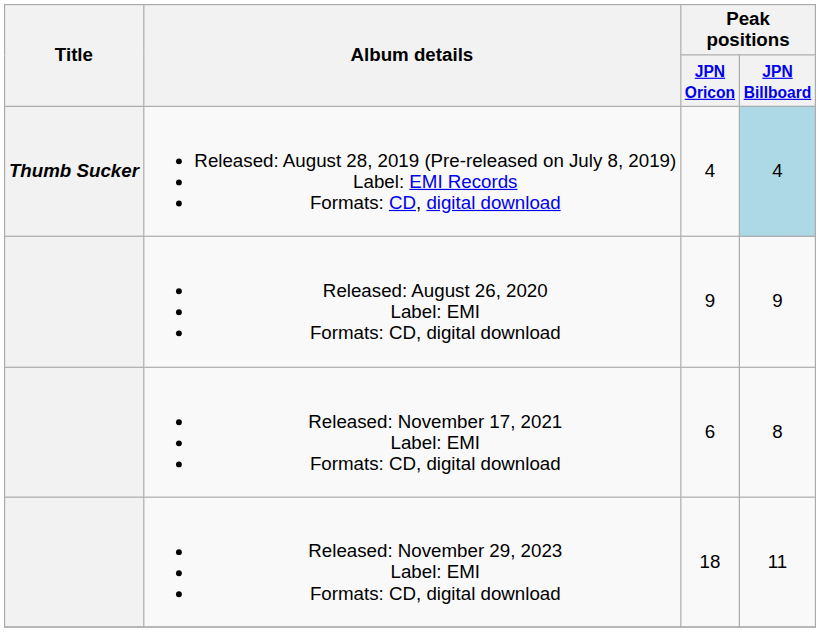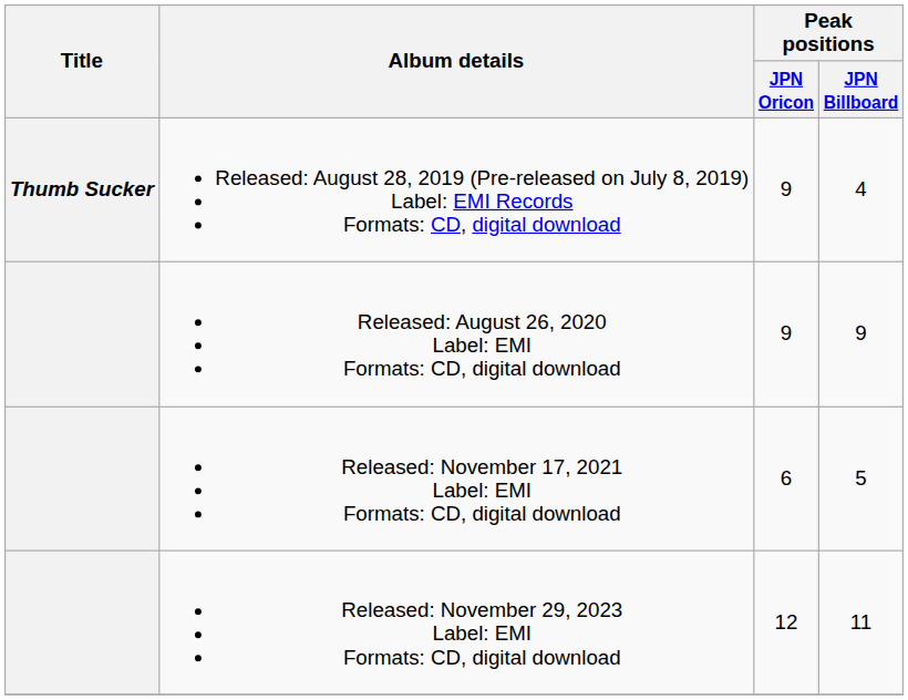 <table class="wikitable plainrowheaders" style="text-align:center;">
 <tr>
 <th scope="col" rowspan="2">Title</th>
 <th scope="col" rowspan="2">Album details</th>
 <th scope="col" colspan="2">Peak <br> positions</th>
 </tr>
 <tr>
 <th scope="col"><small><a href='#'>JPN<br>Oricon</a></small><br></th>
 <th scope="col"><small><a href='#'>JPN<br>Billboard</a></small><br></th>
 </tr>
 <tr>
 <th scope="row"><em>Thumb Sucker</em></th>
 <td><br><ul><li>Released: August 28, 2019 (Pre-released on July 8, 2019)</li><li>Label: <a href='#'>EMI Records</a></li><li>Formats: <a href='#'>CD</a>, <a href='#'>digital download</a></li></ul></td>
+<td>9</td>
 <td>4</td>
-<td style="background: lightblue;">4</td>
 </tr>
 <tr>
 <th scope="row"></th>
 <td><br><ul><li>Released: August 26, 2020</li><li>Label: EMI</li><li>Formats: CD, digital download</li></ul></td>
 <td>9</td>
 <td>9</td>
 </tr>
 <tr>
 <th scope="row"></th>
 <td><br><ul><li>Released: November 17, 2021</li><li>Label: EMI</li><li>Formats: CD, digital download</li></ul></td>
 <td>6</td>
-<td>8</td>
+<td>5</td>
 </tr>
 <tr>
 <th scope="row"></th>
 <td><br><ul><li>Released: November 29, 2023</li><li>Label: EMI</li><li>Formats: CD, digital download</li></ul></td>
-<td>18</td>
+<td>12</td>
 <td>11</td>
 </tr>
 <tr>
 </tr>
 </table>
